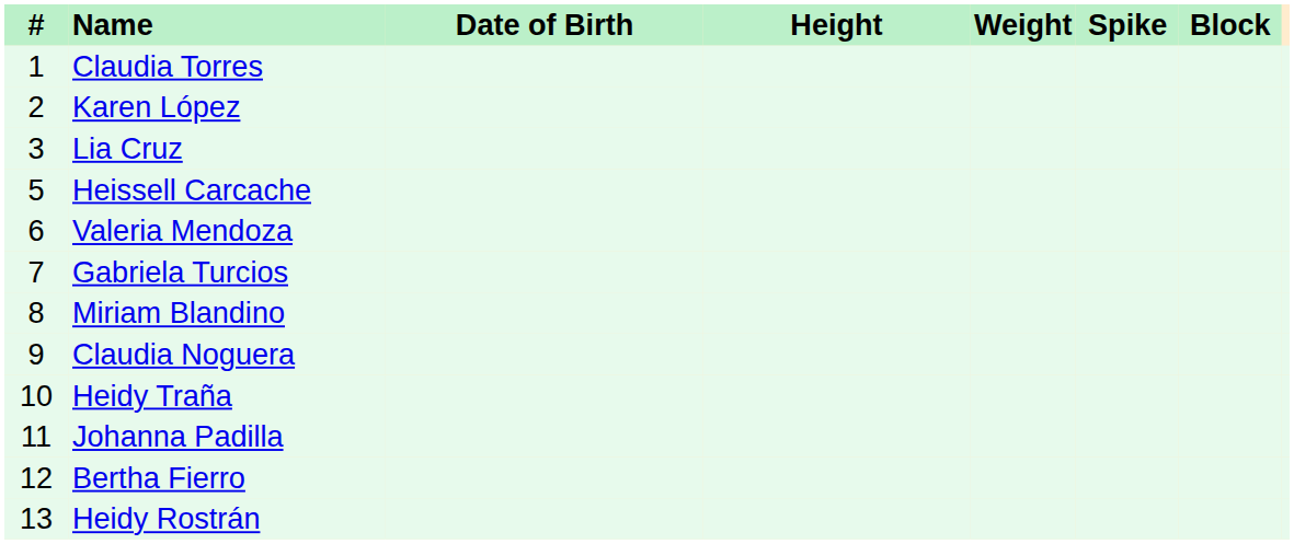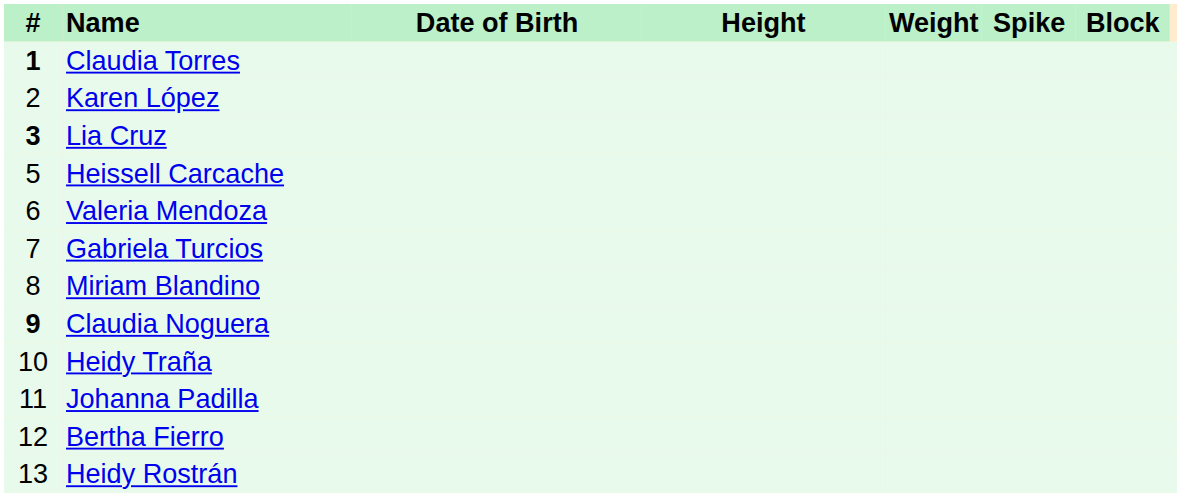 <table border=0 cellpadding=2 cellspacing=0  |- bgcolor=#FFECCE style="text-align:center; font-size:90%;" width=100%>
 <tr bgcolor=#BBF0C9>
 <th width=5%>#</th>
 <th width=25% align=left>Name</th>
 <th width=25%>Date of Birth</th>
 <th width=21%>Height</th>
 <th width=8%>Weight</th>
 <th width=8%>Spike</th>
 <th width=8%>Block</th>
 </tr>
 <tr bgcolor=#E7FAEC>
-<td>1</td>
+<td><strong>1</strong></td>
 <td align=left><a href='#'>Claudia Torres</a></td>
 <td></td>
 <td></td>
 <td></td>
 <td></td>
 <td></td>
 <td></td>
 </tr>
 <tr bgcolor=#E7FAEC>
 <td>2</td>
 <td align=left><a href='#'>Karen López</a></td>
 <td></td>
 <td></td>
 <td></td>
 <td></td>
 <td></td>
 <td></td>
 </tr>
 <tr bgcolor=#E7FAEC>
-<td>3</td>
+<td><strong>3</strong></td>
 <td align=left><a href='#'>Lia Cruz</a></td>
 <td></td>
 <td></td>
 <td></td>
 <td></td>
 <td></td>
 <td></td>
 </tr>
 <tr bgcolor=#E7FAEC>
 <td>5</td>
 <td align=left><a href='#'>Heissell Carcache</a></td>
 <td></td>
 <td></td>
 <td></td>
 <td></td>
 <td></td>
 <td></td>
 </tr>
 <tr bgcolor=#E7FAEC>
 <td>6</td>
 <td align=left><a href='#'>Valeria Mendoza</a></td>
 <td></td>
 <td></td>
 <td></td>
 <td></td>
 <td></td>
 <td></td>
 </tr>
 <tr bgcolor=#E7FAEC>
 <td>7</td>
 <td align=left><a href='#'>Gabriela Turcios</a></td>
 <td></td>
 <td></td>
 <td></td>
 <td></td>
 <td></td>
 <td></td>
 </tr>
 <tr bgcolor=#E7FAEC>
 <td>8</td>
 <td align=left><a href='#'>Miriam Blandino</a></td>
 <td></td>
 <td></td>
 <td></td>
 <td></td>
 <td></td>
 <td></td>
 </tr>
 <tr bgcolor=#E7FAEC>
-<td>9</td>
+<td><strong>9</strong></td>
 <td align=left><a href='#'>Claudia Noguera</a></td>
 <td></td>
 <td></td>
 <td></td>
 <td></td>
 <td></td>
 <td></td>
 </tr>
 <tr bgcolor=#E7FAEC>
 <td>10</td>
 <td align=left><a href='#'>Heidy Traña</a></td>
 <td></td>
 <td></td>
 <td></td>
 <td></td>
 <td></td>
 <td></td>
 </tr>
 <tr bgcolor=#E7FAEC>
 <td>11</td>
 <td align=left><a href='#'>Johanna Padilla</a></td>
 <td></td>
 <td></td>
 <td></td>
 <td></td>
 <td></td>
 <td></td>
 </tr>
 <tr bgcolor=#E7FAEC>
 <td>12</td>
 <td align=left><a href='#'>Bertha Fierro</a></td>
 <td></td>
 <td></td>
 <td></td>
 <td></td>
 <td></td>
 <td></td>
 </tr>
 <tr bgcolor=#E7FAEC>
 <td>13</td>
 <td align=left><a href='#'>Heidy Rostrán</a></td>
 <td></td>
 <td></td>
 <td></td>
 <td></td>
 <td></td>
 <td></td>
 </tr>
 </table>
